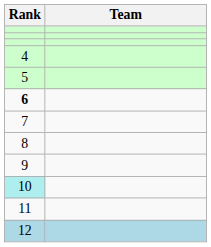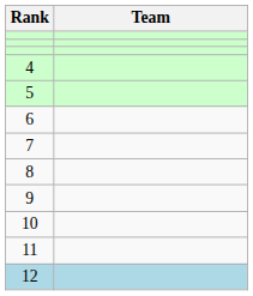 <table class="wikitable" style="text-align: center;">
 <tr>
 <th width=40>Rank</th>
 <th width=180>Team</th>
 </tr>
 <tr bgcolor=#ccffcc>
 <td></td>
 <td style="text-align:left;"></td>
 </tr>
 <tr bgcolor=#ccffcc>
 <td></td>
 <td style="text-align:left;"></td>
 </tr>
 <tr bgcolor=#ccffcc>
 <td></td>
 <td style="text-align:left;"></td>
 </tr>
 <tr bgcolor=#ccffcc>
 <td>4</td>
 <td style="text-align:left;"></td>
 </tr>
 <tr bgcolor=#ccffcc>
 <td>5</td>
 <td style="text-align:left;"></td>
 </tr>
 <tr align=center>
-<td><strong>6</strong></td>
+<td>6</td>
 <td style="text-align:left;"></td>
 </tr>
 <tr align=center>
 <td>7</td>
 <td style="text-align:left;"></td>
 </tr>
 <tr align=center>
 <td>8</td>
 <td style="text-align:left;"></td>
 </tr>
 <tr align=center>
 <td>9</td>
 <td style="text-align:left;"></td>
 </tr>
 <tr align=center>
-<td style="background: paleturquoise;">10</td>
+<td>10</td>
 <td style="text-align:left;"></td>
 </tr>
 <tr align=center>
 <td>11</td>
 <td style="text-align:left;"></td>
 </tr>
 <tr bgcolor="add8e6">
 <td>12</td>
 <td style="text-align:left;"></td>
 </tr>
 </table>
